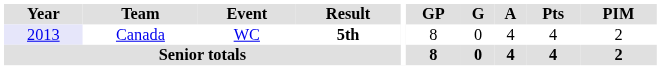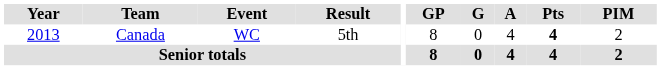 <table border="0" cellpadding="1" cellspacing="0" ID="Table3" style="text-align:center; width:40em">
 <tr ALIGN="centre" bgcolor="#e0e0e0">
 <th>Year</th>
 <th>Team</th>
 <th>Event</th>
 <th>Result</th>
 <th rowspan="99" bgcolor="#ffffff"></th>
 <th>GP</th>
 <th>G</th>
 <th>A</th>
 <th>Pts</th>
 <th>PIM</th>
 </tr>
 <tr>
-<td style="background: lavender;"><a href='#'>2013</a></td>
+<td><a href='#'>2013</a></td>
 <td><a href='#'>Canada</a></td>
 <td><a href='#'>WC</a></td>
-<td><strong>5th</strong></td>
+<td>5th</td>
 <td>8</td>
 <td>0</td>
 <td>4</td>
-<td>4</td>
+<td><strong>4</strong></td>
 <td>2</td>
 </tr>
 <tr ALIGN="centre" bgcolor="#e0e0e0">
 <th colspan=4>Senior totals</th>
 <th>8</th>
 <th>0</th>
 <th>4</th>
 <th>4</th>
 <th>2</th>
 </tr>
 </table>
